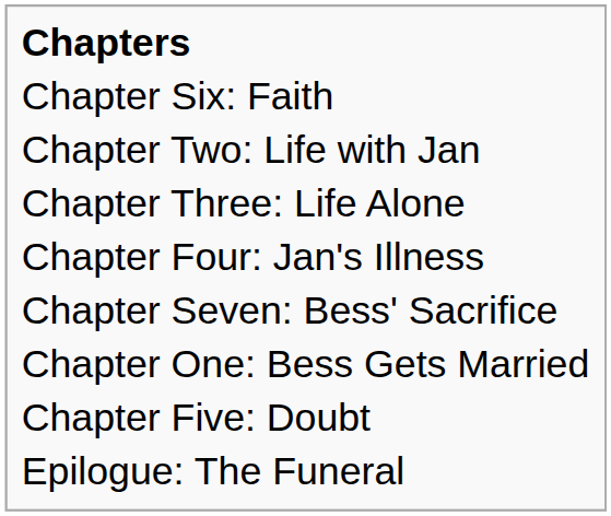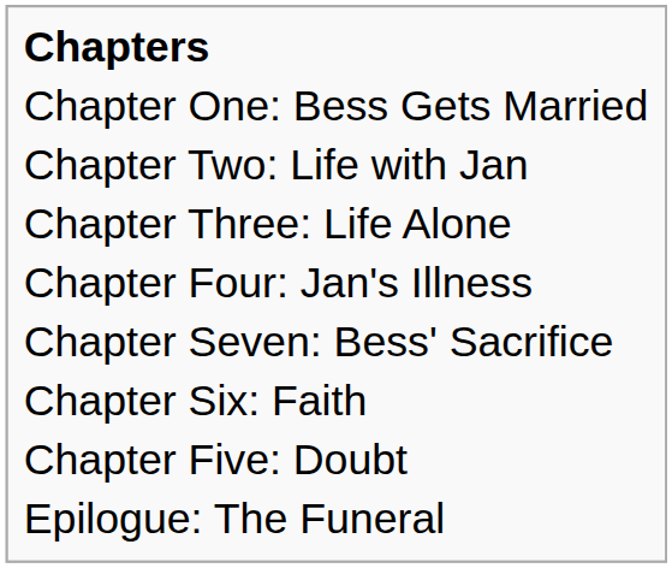 <table class="infobox">
 <tr>
 <th style="font-size:100%; text-align: left;">Chapters</th>
 </tr>
 <tr>
-<td>Chapter Six: Faith</td>
+<td>Chapter One: Bess Gets Married</td>
 </tr>
 <tr>
 <td>Chapter Two: Life with Jan</td>
 </tr>
 <tr>
 <td>Chapter Three: Life Alone</td>
 </tr>
 <tr>
 <td>Chapter Four: Jan's Illness</td>
 </tr>
 <tr>
 <td>Chapter Seven: Bess' Sacrifice</td>
 </tr>
 <tr>
-<td>Chapter One: Bess Gets Married</td>
+<td>Chapter Six: Faith</td>
 </tr>
 <tr>
 <td>Chapter Five: Doubt</td>
 </tr>
 <tr>
 <td>Epilogue: The Funeral</td>
 </tr>
 </table>
